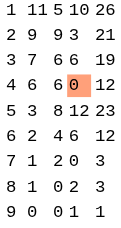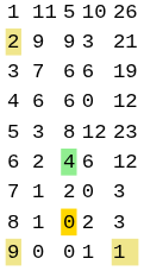 <table>
 <tr>
 <td>1</td>
 <td align=left></td>
 <td>11</td>
 <td>5</td>
 <td>10</td>
 <td>26</td>
 </tr>
 <tr>
-<td>2</td>
+<td style="background: khaki;">2</td>
 <td align=left></td>
 <td>9</td>
 <td>9</td>
 <td>3</td>
 <td>21</td>
 </tr>
 <tr>
 <td>3</td>
 <td align=left></td>
 <td>7</td>
 <td>6</td>
 <td>6</td>
 <td>19</td>
 </tr>
 <tr>
 <td>4</td>
 <td align=left></td>
 <td>6</td>
 <td>6</td>
-<td style="background: lightsalmon;">0</td>
+<td>0</td>
 <td>12</td>
 </tr>
 <tr>
 <td>5</td>
 <td align=left></td>
 <td>3</td>
 <td>8</td>
 <td>12</td>
 <td>23</td>
 </tr>
 <tr>
 <td>6</td>
 <td align=left></td>
 <td>2</td>
-<td>4</td>
+<td style="background: lightgreen;">4</td>
 <td>6</td>
 <td>12</td>
 </tr>
 <tr>
 <td>7</td>
 <td align=left></td>
 <td>1</td>
 <td>2</td>
 <td>0</td>
 <td>3</td>
 </tr>
 <tr>
 <td>8</td>
 <td align=left></td>
 <td>1</td>
-<td>0</td>
+<td style="background: gold;">0</td>
 <td>2</td>
 <td>3</td>
 </tr>
 <tr>
-<td>9</td>
+<td style="background: khaki;">9</td>
 <td align=left></td>
 <td>0</td>
 <td>0</td>
 <td>1</td>
-<td>1</td>
+<td style="background: khaki;">1</td>
 </tr>
 </table>
